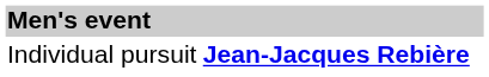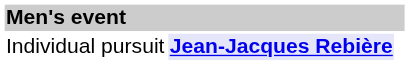 <table>
 <tr bgcolor="#cccccc">
 <td colspan=7><strong>Men's event</strong></td>
 </tr>
 <tr>
 <td>Individual pursuit<br></td>
-<td><strong><a href='#'>Jean-Jacques Rebière</a></strong><br><small></small></td>
+<td style="background: lavender;"><strong><a href='#'>Jean-Jacques Rebière</a></strong><br><small></small></td>
 <td></td>
 <td></td>
 </tr>
 </table>
